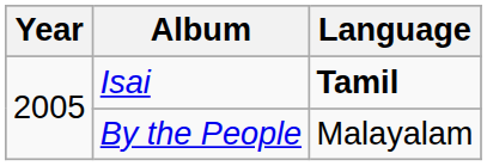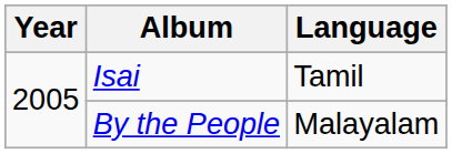 <table class="wikitable">
 <tr>
 <th>Year</th>
 <th>Album</th>
 <th>Language</th>
 </tr>
 <tr>
 <td rowspan=2>2005</td>
 <td><em><a href='#'>Isai</a></em></td>
-<td><strong>Tamil</strong></td>
+<td>Tamil</td>
 </tr>
 <tr>
 <td><em><a href='#'>By the People</a></em></td>
 <td>Malayalam</td>
 </tr>
 </table>
